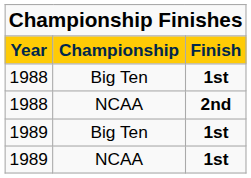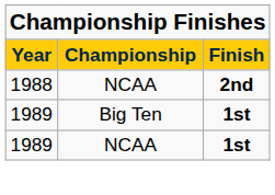 <table style="margin: 1em auto 1em auto" class="wikitable">
 <tr>
 <td colspan=3 align=center><big><span><strong>Championship Finishes</strong></span></big></td>
 </tr>
 <tr align="center" valign="top">
 <th style="background:#FFCB05; color:#00274C;"><strong>Year</strong></th>
 <th style="background:#FFCB05; color:#00274C;"><strong>Championship</strong></th>
 <th style="background:#FFCB05; color:#00274C;"><strong>Finish</strong></th>
-</tr>
-<tr align="center" valign="top">
-<td>1988</td>
-<td>Big Ten</td>
-<td><strong>1st</strong></td>
 </tr>
 <tr align="center" valign="top">
 <td>1988</td>
 <td>NCAA</td>
 <td><strong>2nd</strong></td>
 </tr>
 <tr align="center" valign="top">
 <td>1989</td>
 <td>Big Ten</td>
 <td><strong>1st</strong></td>
 </tr>
 <tr align="center" valign="top">
 <td>1989</td>
 <td>NCAA</td>
 <td><strong>1st</strong></td>
 </tr>
 </table>
